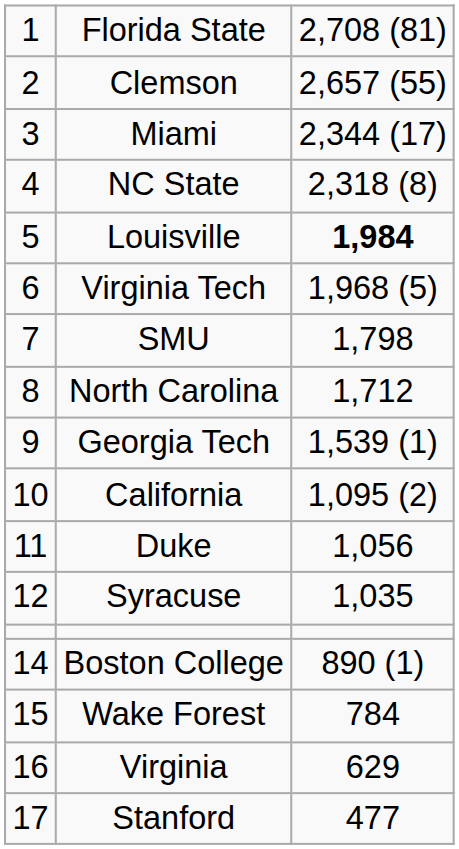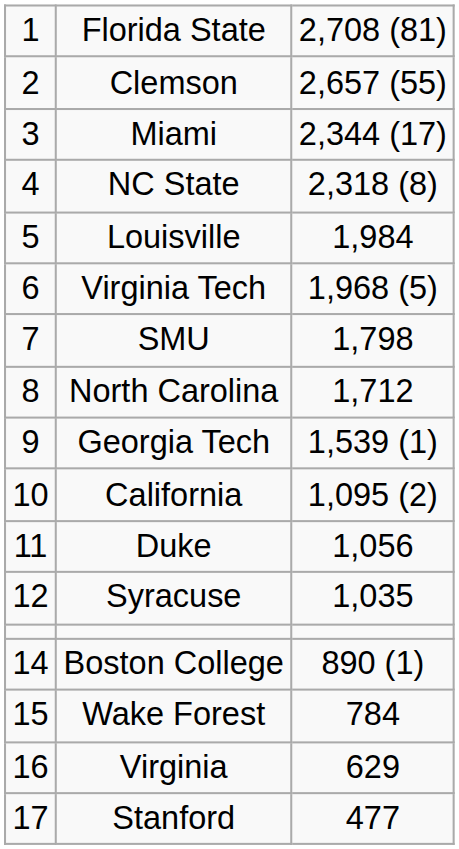 <table class="wikitable" style="display: inline-table; text-align:center;">
 <tr align="center">
 <td>1</td>
 <td>Florida State</td>
 <td>2,708 (81)</td>
 </tr>
 <tr>
 <td>2</td>
 <td>Clemson</td>
 <td>2,657 (55)</td>
 </tr>
 <tr>
 <td>3</td>
 <td>Miami</td>
 <td>2,344 (17)</td>
 </tr>
 <tr>
 <td>4</td>
 <td>NC State</td>
 <td>2,318 (8)</td>
 </tr>
 <tr>
 <td>5</td>
 <td>Louisville</td>
-<td><strong>1,984</strong></td>
+<td>1,984</td>
 </tr>
 <tr>
 <td>6</td>
 <td>Virginia Tech</td>
 <td>1,968 (5)</td>
 </tr>
 <tr>
 <td>7</td>
 <td>SMU</td>
 <td>1,798</td>
 </tr>
 <tr>
 <td>8</td>
 <td>North Carolina</td>
 <td>1,712</td>
 </tr>
 <tr>
 <td>9</td>
 <td>Georgia Tech</td>
 <td>1,539 (1)</td>
 </tr>
 <tr>
 <td>10</td>
 <td>California</td>
 <td>1,095 (2)</td>
 </tr>
 <tr>
 <td>11</td>
 <td>Duke</td>
 <td>1,056</td>
 </tr>
 <tr>
 <td>12</td>
 <td>Syracuse</td>
 <td>1,035</td>
 </tr>
 <tr>
 <td style=><strong></strong></td>
 <td><strong></strong></td>
 <td style=><strong></strong></td>
 </tr>
 <tr>
 <td>14</td>
 <td>Boston College</td>
 <td>890 (1)</td>
 </tr>
 <tr>
 <td>15</td>
 <td>Wake Forest</td>
 <td>784</td>
 </tr>
 <tr>
 <td>16</td>
 <td>Virginia</td>
 <td>629</td>
 </tr>
 <tr>
 <td>17</td>
 <td>Stanford</td>
 <td>477</td>
 </tr>
 </table>
